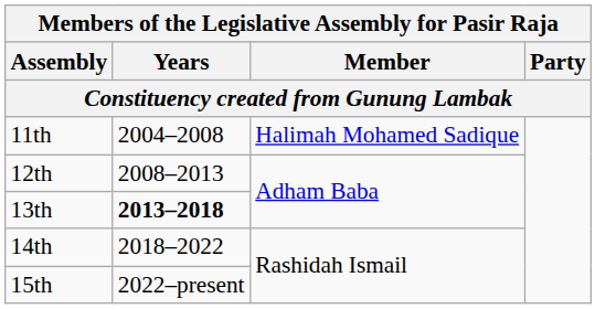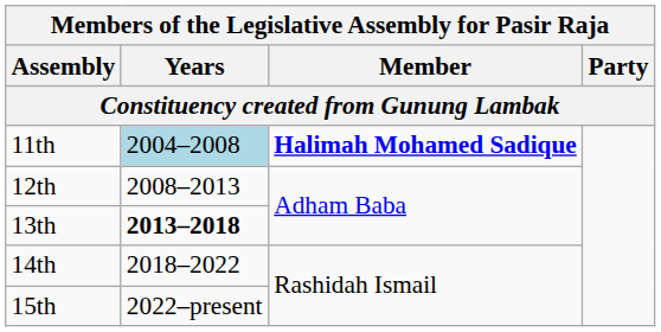 <table class="wikitable">
 <tr>
 <th colspan="4">Members of the Legislative Assembly for Pasir Raja</th>
 </tr>
 <tr>
 <th>Assembly</th>
 <th>Years</th>
 <th>Member</th>
 <th>Party</th>
 </tr>
 <tr>
 <th colspan="4"><em>Constituency created from Gunung Lambak</em></th>
 </tr>
 <tr>
 <td>11th</td>
-<td>2004–2008</td>
-<td><a href='#'>Halimah Mohamed Sadique</a></td>
+<td style="background: lightblue;">2004–2008</td>
+<td><strong><a href='#'>Halimah Mohamed Sadique</a></strong></td>
 <td rowspan="5"></td>
 </tr>
 <tr>
 <td>12th</td>
 <td>2008–2013</td>
 <td rowspan="2"><a href='#'>Adham Baba</a></td>
 </tr>
 <tr>
 <td>13th</td>
 <td><strong>2013–2018</strong></td>
 </tr>
 <tr>
 <td>14th</td>
 <td>2018–2022</td>
 <td rowspan="2">Rashidah Ismail</td>
 </tr>
 <tr>
 <td>15th</td>
 <td>2022–present</td>
 </tr>
 </table>
